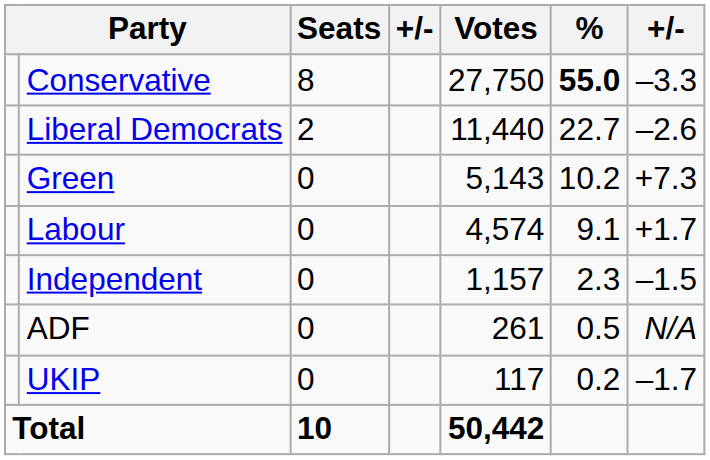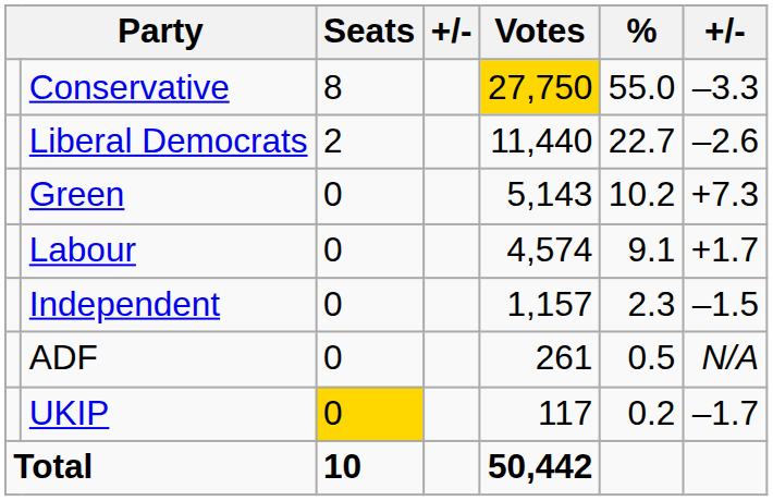 <table class="wikitable sortable">
 <tr>
 <th colspan="2">Party</th>
 <th>Seats</th>
 <th>+/-</th>
 <th>Votes</th>
 <th>%</th>
 <th>+/-</th>
 </tr>
 <tr>
 <td style="background-color: "></td>
 <td><a href='#'>Conservative</a></td>
 <td>8</td>
 <td></td>
-<td style="text-align:right;">27,750</td>
-<td style="text-align:right;"><strong>55.0</strong></td>
+<td style="background: gold; text-align:right;">27,750</td>
+<td style="text-align:right;">55.0</td>
 <td style="text-align:right;">–3.3</td>
 </tr>
 <tr>
 <td style="background-color: "></td>
 <td><a href='#'>Liberal Democrats</a></td>
 <td>2</td>
 <td></td>
 <td style="text-align:right;">11,440</td>
 <td style="text-align:right;">22.7</td>
 <td style="text-align:right;">–2.6</td>
 </tr>
 <tr>
 <td style="background-color: "></td>
 <td><a href='#'>Green</a></td>
 <td>0</td>
 <td></td>
 <td style="text-align:right;">5,143</td>
 <td style="text-align:right;">10.2</td>
 <td style="text-align:right;">+7.3</td>
 </tr>
 <tr>
 <td style="background-color: "></td>
 <td><a href='#'>Labour</a></td>
 <td>0</td>
 <td></td>
 <td style="text-align:right;">4,574</td>
 <td style="text-align:right;">9.1</td>
 <td style="text-align:right;">+1.7</td>
 </tr>
 <tr>
 <td style="background-color: "></td>
 <td><a href='#'>Independent</a></td>
 <td>0</td>
 <td></td>
 <td style="text-align:right;">1,157</td>
 <td style="text-align:right;">2.3</td>
 <td style="text-align:right;">–1.5</td>
 </tr>
 <tr>
 <td style="background-color: "></td>
 <td>ADF</td>
 <td>0</td>
 <td></td>
 <td style="text-align:right;">261</td>
 <td style="text-align:right;">0.5</td>
 <td style="text-align:right;"><em>N/A</em></td>
 </tr>
 <tr>
 <td style="background-color: "></td>
 <td><a href='#'>UKIP</a></td>
-<td>0</td>
+<td style="background: gold;">0</td>
 <td></td>
 <td style="text-align:right;">117</td>
 <td style="text-align:right;">0.2</td>
 <td style="text-align:right;">–1.7</td>
 </tr>
 <tr>
 <td colspan="2"><strong>Total</strong></td>
 <td><strong>10</strong></td>
 <td></td>
 <td style="text-align:right;"><strong>50,442</strong></td>
 <td style="text-align:right;"></td>
 <td style="text-align:right;"></td>
 </tr>
 </table>
